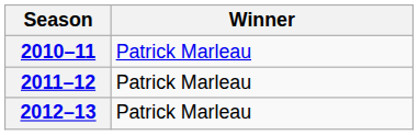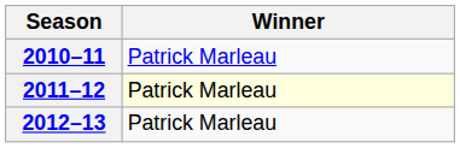 <table class="wikitable">
 <tr>
 <th scope="col" style="width:5em">Season</th>
 <th scope="col" style="width:15em">Winner</th>
 </tr>
 <tr>
 <th scope="row"><a href='#'>2010–11</a></th>
 <td><a href='#'>Patrick Marleau</a></td>
 </tr>
 <tr>
 <th scope="row"><a href='#'>2011–12</a></th>
-<td>Patrick Marleau</td>
+<td style="background: lightyellow;">Patrick Marleau</td>
 </tr>
 <tr>
 <th scope="row"><a href='#'>2012–13</a></th>
 <td>Patrick Marleau</td>
 </tr>
 </table>
